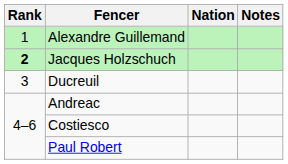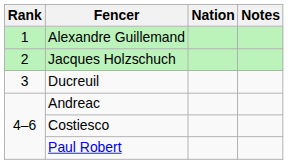 <table class="wikitable sortable" style="text-align:center">
 <tr>
 <th>Rank</th>
 <th>Fencer</th>
 <th>Nation</th>
 <th>Notes</th>
 </tr>
 <tr bgcolor=bbf3bb>
 <td>1</td>
 <td align=left>Alexandre Guillemand</td>
 <td align=left></td>
 <td></td>
 </tr>
 <tr bgcolor=bbf3bb>
-<td><strong>2</strong></td>
+<td>2</td>
 <td align=left>Jacques Holzschuch</td>
 <td align=left></td>
 <td></td>
 </tr>
 <tr>
 <td>3</td>
 <td align=left>Ducreuil</td>
 <td align=left></td>
 <td></td>
 </tr>
 <tr>
 <td rowspan=3 align=center>4–6</td>
 <td align=left>Andreac</td>
 <td align=left></td>
 <td></td>
 </tr>
 <tr>
 <td align=left>Costiesco</td>
 <td align=left></td>
 <td></td>
 </tr>
 <tr>
 <td align=left><a href='#'>Paul Robert</a></td>
 <td align=left></td>
 <td></td>
 </tr>
 </table>
